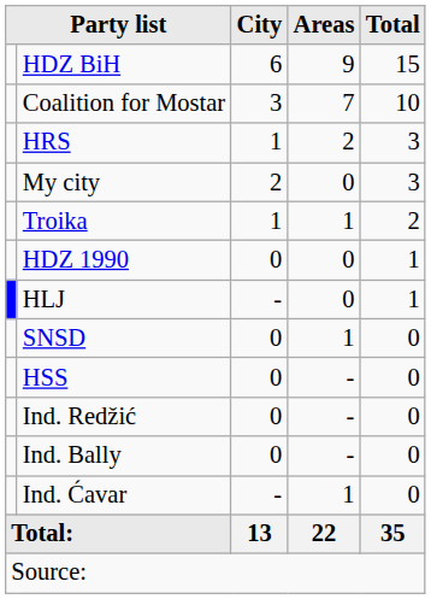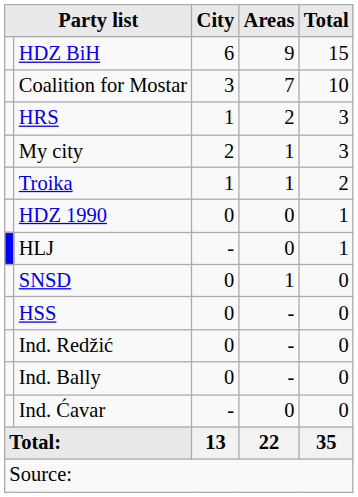 <table class="wikitable" border="1">
 <tr>
 <th colspan="2" align="center" style="background-color:#E9E9E9">Party list</th>
 <th align="center" style="background-color:#E9E9E9">City</th>
 <th align="center" style="background-color:#E9E9E9">Areas</th>
 <th align="center" style="background-color:#E9E9E9">Total</th>
 </tr>
 <tr>
 <td></td>
 <td align="left"><a href='#'>HDZ BiH</a></td>
 <td align="right">6</td>
 <td align="right">9</td>
 <td align="right">15</td>
 </tr>
 <tr>
 <td></td>
 <td align="left">Coalition for Mostar</td>
 <td align="right">3</td>
 <td align="right">7</td>
 <td align="right">10</td>
 </tr>
 <tr>
 <td></td>
 <td align="left"><a href='#'>HRS</a></td>
 <td align="right">1</td>
 <td align="right">2</td>
 <td align="right">3</td>
 </tr>
 <tr>
 <td></td>
 <td align="left">My city</td>
 <td align="right">2</td>
-<td align="right">0</td>
+<td align="right">1</td>
 <td align="right">3</td>
 </tr>
 <tr>
 <td></td>
 <td align="left"><a href='#'>Troika</a></td>
 <td align="right">1</td>
 <td align="right">1</td>
 <td align="right">2</td>
 </tr>
 <tr>
 <td></td>
 <td align="left"><a href='#'>HDZ 1990</a></td>
 <td align="right">0</td>
 <td align="right">0</td>
 <td align="right">1</td>
 </tr>
 <tr>
 <td bgcolor="blue"></td>
 <td align="left">HLJ</td>
 <td align="right">-</td>
 <td align="right">0</td>
 <td align="right">1</td>
 </tr>
 <tr>
 <td></td>
 <td align="left"><a href='#'>SNSD</a></td>
 <td align="right">0</td>
 <td align="right">1</td>
 <td align="right">0</td>
 </tr>
 <tr>
 <td></td>
 <td align="left"><a href='#'>HSS</a></td>
 <td align="right">0</td>
 <td align="right">-</td>
 <td align="right">0</td>
 </tr>
 <tr>
 <td></td>
 <td align="left">Ind. Redžić</td>
 <td align="right">0</td>
 <td align="right">-</td>
 <td align="right">0</td>
 </tr>
 <tr>
 <td></td>
 <td align="left">Ind. Bally</td>
 <td align="right">0</td>
 <td align="right">-</td>
 <td align="right">0</td>
 </tr>
 <tr>
 <td></td>
 <td align="left">Ind. Ćavar</td>
 <td align="right">-</td>
-<td align="right">1</td>
+<td align="right">0</td>
 <td align="right">0</td>
 </tr>
 <tr style="background-color:#E9E9E9">
 <td colspan="2" align="left"><strong>Total:</strong></td>
 <th align="right">13</th>
 <th align="right">22</th>
 <th align="right">35</th>
 </tr>
 <tr>
 <td colspan="5" align="left">Source: </td>
 </tr>
 </table>
